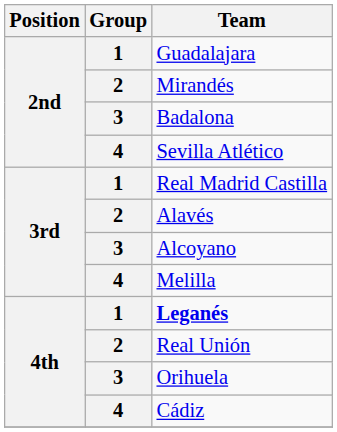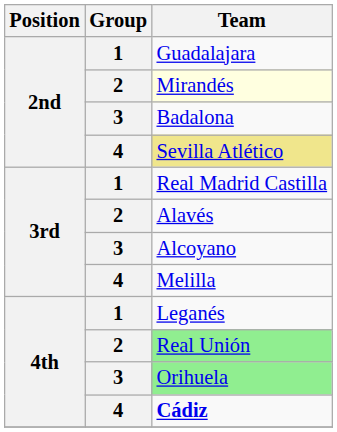 <table class="wikitable">
 <tr>
 <th>Position</th>
 <th>Group</th>
 <th>Team</th>
 </tr>
 <tr>
 <th rowspan=4>2nd</th>
 <th>1</th>
 <td><a href='#'>Guadalajara</a></td>
 </tr>
 <tr>
 <th>2</th>
-<td><a href='#'>Mirandés</a></td>
+<td style="background: lightyellow;"><a href='#'>Mirandés</a></td>
 </tr>
 <tr>
 <th>3</th>
 <td><a href='#'>Badalona</a></td>
 </tr>
 <tr>
 <th>4</th>
-<td><a href='#'>Sevilla Atlético</a></td>
+<td style="background: khaki;"><a href='#'>Sevilla Atlético</a></td>
 </tr>
 <tr>
 <th rowspan=4>3rd</th>
 <th>1</th>
 <td><a href='#'>Real Madrid Castilla</a></td>
 </tr>
 <tr>
 <th>2</th>
 <td><a href='#'>Alavés</a></td>
 </tr>
 <tr>
 <th>3</th>
 <td><a href='#'>Alcoyano</a></td>
 </tr>
 <tr>
 <th>4</th>
 <td><a href='#'>Melilla</a></td>
 </tr>
 <tr>
 <th rowspan=4>4th</th>
 <th>1</th>
-<td><strong><a href='#'>Leganés</a></strong></td>
+<td><a href='#'>Leganés</a></td>
 </tr>
 <tr>
 <th>2</th>
-<td><a href='#'>Real Unión</a></td>
+<td style="background: lightgreen;"><a href='#'>Real Unión</a></td>
 </tr>
 <tr>
 <th>3</th>
-<td><a href='#'>Orihuela</a></td>
+<td style="background: lightgreen;"><a href='#'>Orihuela</a></td>
 </tr>
 <tr>
 <th>4</th>
-<td><a href='#'>Cádiz</a></td>
+<td><strong><a href='#'>Cádiz</a></strong></td>
 </tr>
 <tr>
 </tr>
 </table>
